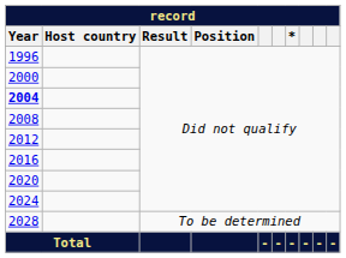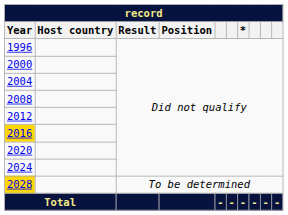 <table class="wikitable" style="text-align: center;font-size:100%;">
 <tr>
 <th colspan=10 style="background: #07123F; color: #F1E788;"><a href='#'></a> record</th>
 </tr>
 <tr>
 <th>Year</th>
 <th>Host country</th>
 <th>Result</th>
 <th>Position</th>
 <th></th>
 <th></th>
 <th>*</th>
 <th></th>
 <th></th>
 <th></th>
 </tr>
 <tr>
 <td style="text-align: left;"><a href='#'>1996</a></td>
 <td style="text-align: left;"></td>
 <td rowspan="8" colspan="8"><em>Did not qualify</em></td>
 </tr>
 <tr>
 <td style="text-align: left;"><a href='#'>2000</a></td>
 <td style="text-align: left;"></td>
 </tr>
 <tr>
-<td style="text-align: left;"><strong><a href='#'>2004</a></strong></td>
+<td style="text-align: left;"><a href='#'>2004</a></td>
 <td style="text-align: left;"></td>
 </tr>
 <tr>
 <td style="text-align: left;"><a href='#'>2008</a></td>
 <td style="text-align: left;"></td>
 </tr>
 <tr>
 <td style="text-align: left;"><a href='#'>2012</a></td>
 <td style="text-align: left;"></td>
 </tr>
 <tr>
-<td style="text-align: left;"><a href='#'>2016</a></td>
+<td style="background: gold; text-align: left;"><a href='#'>2016</a></td>
 <td style="text-align: left;"></td>
 </tr>
 <tr>
 <td style="text-align: left;"><a href='#'>2020</a></td>
 <td style="text-align: left;"></td>
 </tr>
 <tr>
 <td style="text-align: left;"><a href='#'>2024</a></td>
 <td style="text-align: left;"></td>
 </tr>
 <tr>
-<td style="text-align: left;"><a href='#'>2028</a></td>
+<td style="background: gold; text-align: left;"><a href='#'>2028</a></td>
 <td style="text-align: left;"></td>
 <td rowspan="1" colspan="8" align="center"><em>To be determined</em></td>
 </tr>
 <tr>
 <td colspan=2 style="background: #07123F; color: #F1E788;"><strong>Total</strong></td>
 <td style="background: #07123F; color: #F1E788;"></td>
 <td style="background: #07123F; color: #F1E788;"></td>
 <td style="background: #07123F; color: #F1E788;"><strong>-</strong></td>
 <td style="background: #07123F; color: #F1E788;"><strong>-</strong></td>
 <td style="background: #07123F; color: #F1E788;"><strong>-</strong></td>
 <td style="background: #07123F; color: #F1E788;"><strong>-</strong></td>
 <td style="background: #07123F; color: #F1E788;"><strong>-</strong></td>
 <td style="background: #07123F; color: #F1E788;"><strong>-</strong></td>
 </tr>
 </table>
